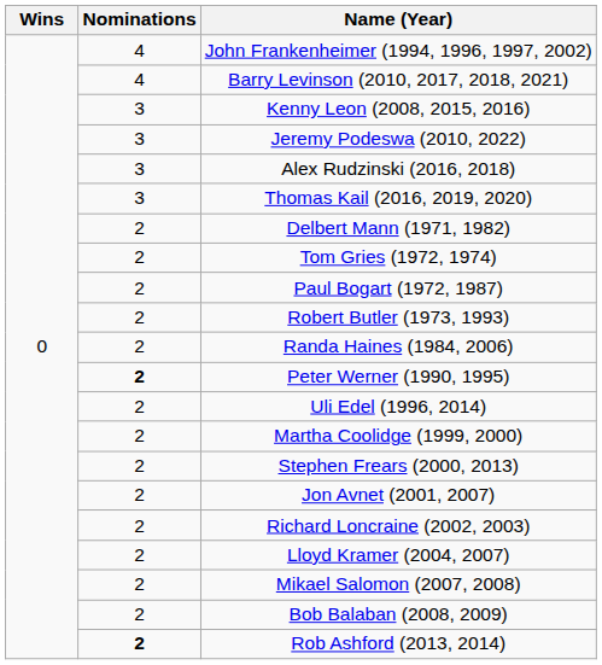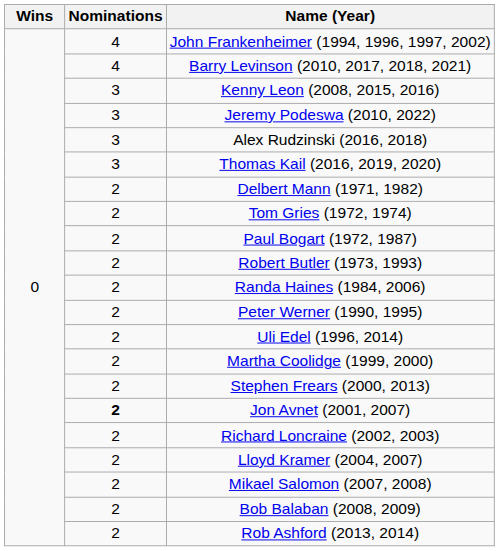 <table class="wikitable sortable" rowspan="2" style="text-align:center;" background: #f6e39c;>
 <tr>
 <th scope="col" style="width:55px;">Wins</th>
 <th scope="col">Nominations</th>
 <th scope="col">Name (Year)</th>
 </tr>
 <tr>
 <td rowspan=21 style="text-align:center">0</td>
 <td>4</td>
 <td><a href='#'>John Frankenheimer</a> (1994, 1996, 1997, 2002)</td>
 </tr>
 <tr>
 <td>4</td>
 <td><a href='#'>Barry Levinson</a> (2010, 2017, 2018, 2021)</td>
 </tr>
 <tr>
 <td>3</td>
 <td><a href='#'>Kenny Leon</a> (2008, 2015, 2016)</td>
 </tr>
 <tr>
 <td>3</td>
 <td><a href='#'>Jeremy Podeswa</a> (2010, 2022)</td>
 </tr>
 <tr>
 <td>3</td>
 <td>Alex Rudzinski (2016, 2018)</td>
 </tr>
 <tr>
 <td>3</td>
 <td><a href='#'>Thomas Kail</a> (2016, 2019, 2020)</td>
 </tr>
 <tr>
 <td>2</td>
 <td><a href='#'>Delbert Mann</a> (1971, 1982)</td>
 </tr>
 <tr>
 <td>2</td>
 <td><a href='#'>Tom Gries</a> (1972, 1974)</td>
 </tr>
 <tr>
 <td>2</td>
 <td><a href='#'>Paul Bogart</a> (1972, 1987)</td>
 </tr>
 <tr>
 <td>2</td>
 <td><a href='#'>Robert Butler</a> (1973, 1993)</td>
 </tr>
 <tr>
 <td>2</td>
 <td><a href='#'>Randa Haines</a> (1984, 2006)</td>
 </tr>
 <tr>
-<td><strong>2</strong></td>
+<td>2</td>
 <td><a href='#'>Peter Werner</a> (1990, 1995)</td>
 </tr>
 <tr>
 <td>2</td>
 <td><a href='#'>Uli Edel</a> (1996, 2014)</td>
 </tr>
 <tr>
 <td>2</td>
 <td><a href='#'>Martha Coolidge</a> (1999, 2000)</td>
 </tr>
 <tr>
 <td>2</td>
 <td><a href='#'>Stephen Frears</a> (2000, 2013)</td>
 </tr>
 <tr>
-<td>2</td>
+<td><strong>2</strong></td>
 <td><a href='#'>Jon Avnet</a> (2001, 2007)</td>
 </tr>
 <tr>
 <td>2</td>
 <td><a href='#'>Richard Loncraine</a> (2002, 2003)</td>
 </tr>
 <tr>
 <td>2</td>
 <td><a href='#'>Lloyd Kramer</a> (2004, 2007)</td>
 </tr>
 <tr>
 <td>2</td>
 <td><a href='#'>Mikael Salomon</a> (2007, 2008)</td>
 </tr>
 <tr>
 <td>2</td>
 <td><a href='#'>Bob Balaban</a> (2008, 2009)</td>
 </tr>
 <tr>
-<td><strong>2</strong></td>
+<td>2</td>
 <td><a href='#'>Rob Ashford</a> (2013, 2014)</td>
 </tr>
 </table>
